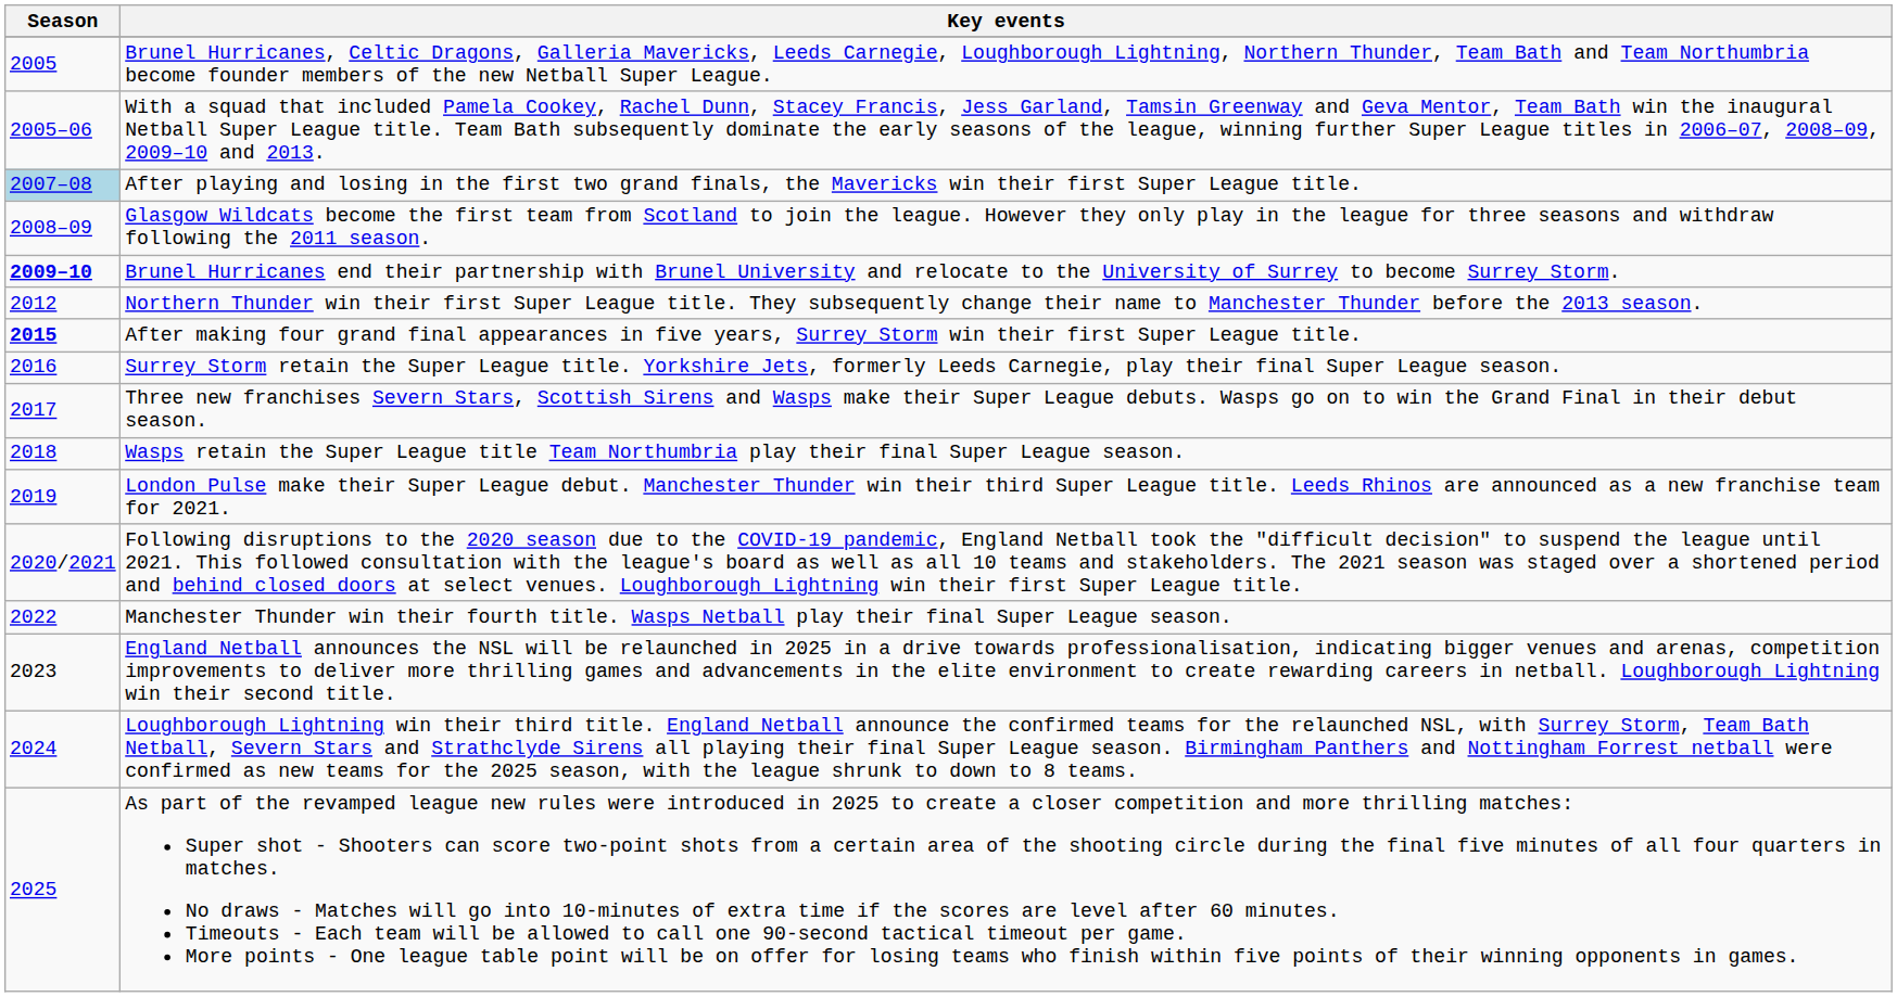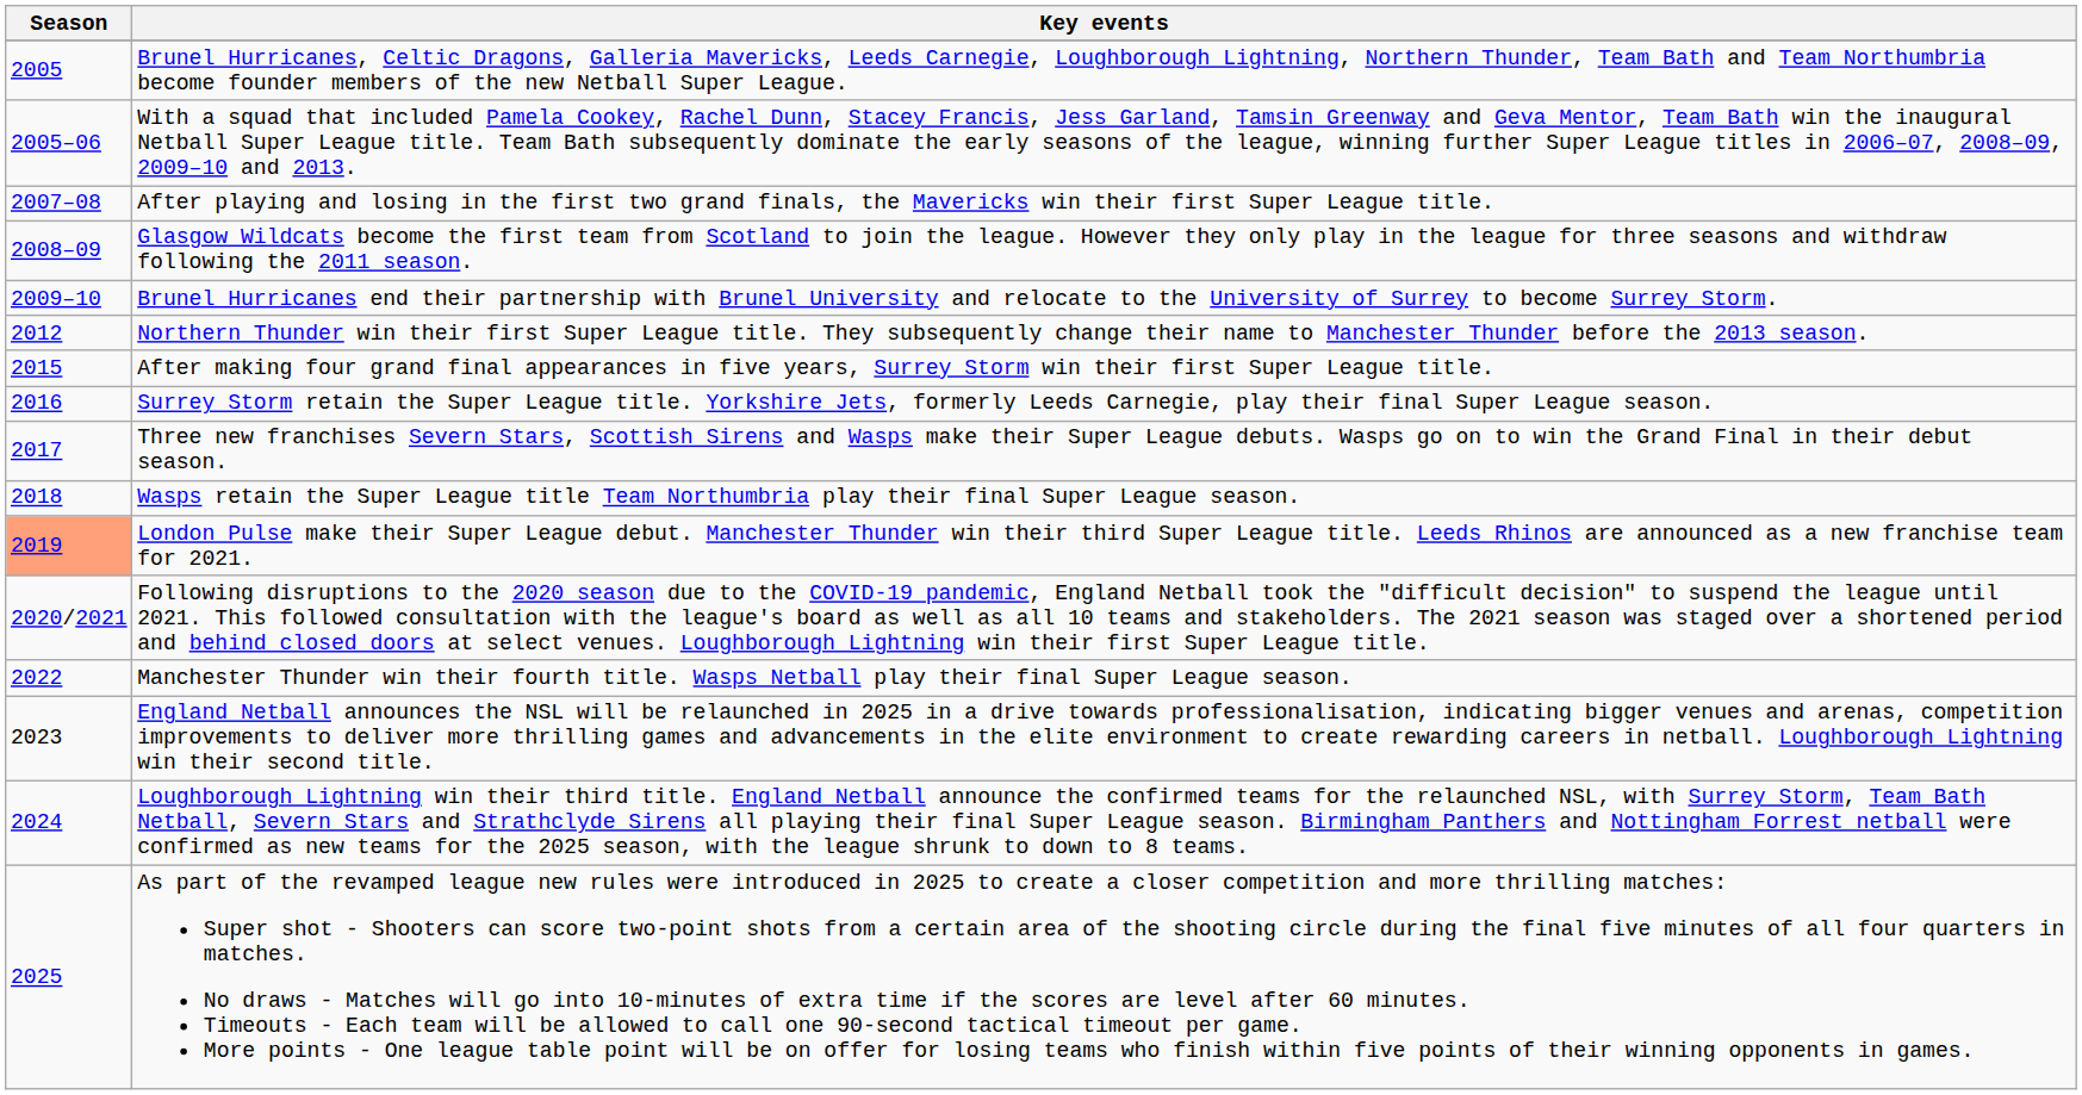 <table class="wikitable collapsible">
 <tr>
 <th>Season</th>
 <th>Key events</th>
 </tr>
 <tr 15B.C>
 </tr>
 <tr>
 <td><a href='#'>2005</a></td>
 <td><a href='#'>Brunel Hurricanes</a>, <a href='#'>Celtic Dragons</a>, <a href='#'>Galleria Mavericks</a>,  <a href='#'>Leeds Carnegie</a>, <a href='#'>Loughborough Lightning</a>, <a href='#'>Northern Thunder</a>,  <a href='#'>Team Bath</a> and <a href='#'>Team Northumbria</a> become founder members of the new Netball Super League.</td>
 </tr>
 <tr>
 <td><a href='#'>2005–06</a></td>
 <td>With a squad that included <a href='#'>Pamela Cookey</a>, <a href='#'>Rachel Dunn</a>, <a href='#'>Stacey Francis</a>, <a href='#'>Jess Garland</a>, <a href='#'>Tamsin Greenway</a> and <a href='#'>Geva Mentor</a>, <a href='#'>Team Bath</a> win the inaugural Netball Super League title. Team Bath subsequently dominate the early seasons of the league, winning further Super League titles in <a href='#'>2006–07</a>, <a href='#'>2008–09</a>, <a href='#'>2009–10</a> and <a href='#'>2013</a>.</td>
 </tr>
 <tr>
-<td style="background: lightblue;"><a href='#'>2007–08</a></td>
+<td><a href='#'>2007–08</a></td>
 <td>After playing and losing in the first two grand finals, the <a href='#'>Mavericks</a> win their first Super League title.</td>
 </tr>
 <tr>
 <td><a href='#'>2008–09</a></td>
 <td><a href='#'>Glasgow Wildcats</a> become the first team from <a href='#'>Scotland</a> to join the league. However they only play in the league for three seasons and withdraw following the <a href='#'>2011 season</a>.</td>
 </tr>
 <tr>
-<td><strong><a href='#'>2009–10</a></strong></td>
+<td><a href='#'>2009–10</a></td>
 <td><a href='#'>Brunel Hurricanes</a> end their partnership with <a href='#'>Brunel University</a> and relocate to the <a href='#'>University of Surrey</a> to become <a href='#'>Surrey Storm</a>.</td>
 </tr>
 <tr>
 <td><a href='#'>2012</a></td>
 <td><a href='#'>Northern Thunder</a> win their first Super League title. They subsequently change their name to <a href='#'>Manchester Thunder</a> before the <a href='#'>2013 season</a>.</td>
 </tr>
 <tr>
-<td><strong><a href='#'>2015</a></strong></td>
+<td><a href='#'>2015</a></td>
 <td>After making four grand final appearances in five years, <a href='#'>Surrey Storm</a> win their first Super League title.</td>
 </tr>
 <tr>
 <td><a href='#'>2016</a></td>
 <td><a href='#'>Surrey Storm</a> retain the Super League title. <a href='#'>Yorkshire Jets</a>, formerly Leeds Carnegie, play their final Super League season.</td>
 </tr>
 <tr>
 <td><a href='#'>2017</a></td>
 <td>Three new franchises <a href='#'>Severn Stars</a>, <a href='#'>Scottish Sirens</a> and <a href='#'>Wasps</a> make their Super League debuts. Wasps go on to win the Grand Final in their debut season.</td>
 </tr>
 <tr>
 <td><a href='#'>2018</a></td>
 <td><a href='#'>Wasps</a> retain the Super League title   <a href='#'>Team Northumbria</a>  play their final Super League season.</td>
 </tr>
 <tr>
-<td><a href='#'>2019</a></td>
+<td style="background: lightsalmon;"><a href='#'>2019</a></td>
 <td><a href='#'>London Pulse</a> make their Super League debut. <a href='#'>Manchester Thunder</a> win their third Super League title. <a href='#'>Leeds Rhinos</a> are announced as a new franchise team for 2021.</td>
 </tr>
 <tr>
 <td><a href='#'>2020</a>/<a href='#'>2021</a></td>
 <td>Following disruptions to the <a href='#'>2020 season</a> due to the <a href='#'>COVID-19 pandemic</a>, England Netball took the "difficult decision" to suspend the league until 2021. This followed consultation with the league's board as well as all 10 teams and stakeholders. The 2021 season was staged over a shortened period and <a href='#'>behind closed doors</a> at select venues. <a href='#'>Loughborough Lightning</a> win their first Super League title.</td>
 </tr>
 <tr>
 <td><a href='#'>2022</a></td>
 <td>Manchester Thunder win their fourth title. <a href='#'>Wasps Netball</a> play their final Super League season.</td>
 </tr>
 <tr>
 <td>2023</td>
 <td><a href='#'>England Netball</a> announces the NSL will be relaunched in 2025 in a drive towards professionalisation, indicating bigger venues and arenas, competition improvements to deliver more thrilling games and advancements in the elite environment to create rewarding careers in netball. <a href='#'>Loughborough Lightning</a> win their second title.</td>
 </tr>
 <tr>
 <td><a href='#'>2024</a></td>
 <td><a href='#'>Loughborough Lightning</a> win their third title. <a href='#'>England Netball</a> announce the confirmed teams for the relaunched NSL, with <a href='#'>Surrey Storm</a>, <a href='#'>Team Bath Netball</a>, <a href='#'>Severn Stars</a> and <a href='#'>Strathclyde Sirens</a> all playing their final Super League season. <a href='#'>Birmingham Panthers</a> and <a href='#'>Nottingham Forrest netball</a> were confirmed as new teams for the 2025 season, with the league shrunk to down to 8 teams.</td>
 </tr>
 <tr>
 <td><a href='#'>2025</a></td>
 <td>As part of the revamped league new rules were introduced in 2025 to create a closer competition and more thrilling matches:<br><ul><li>Super shot - Shooters can score two-point shots from a certain area of the shooting circle during the final five minutes of all four quarters in matches.</li></ul><ul><li>No draws - Matches will go into 10-minutes of extra time if the scores are level after 60 minutes.</li><li>Timeouts - Each team will be allowed to call one 90-second tactical timeout per game.</li><li>More points - One league table point will be on offer for losing teams who finish within five points of their winning opponents in games.</li></ul></td>
 </tr>
 </table>
